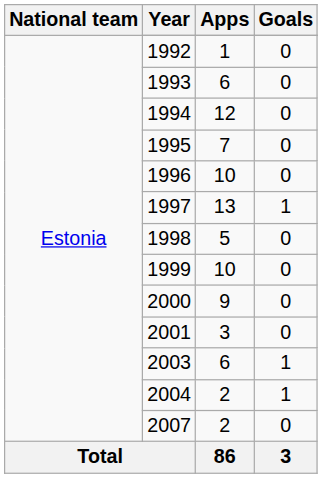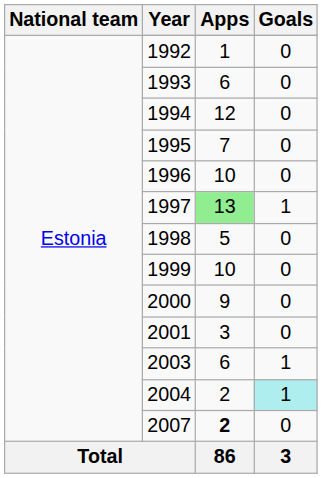 <table class="wikitable" style="text-align:center;">
 <tr>
 <th>National team</th>
 <th>Year</th>
 <th>Apps</th>
 <th>Goals</th>
 </tr>
 <tr>
 <td rowspan="14"><a href='#'>Estonia</a></td>
 </tr>
 <tr>
 <td>1992</td>
 <td>1</td>
 <td>0</td>
 </tr>
 <tr>
 <td>1993</td>
 <td>6</td>
 <td>0</td>
 </tr>
 <tr>
 <td>1994</td>
 <td>12</td>
 <td>0</td>
 </tr>
 <tr>
 <td>1995</td>
 <td>7</td>
 <td>0</td>
 </tr>
 <tr>
 <td>1996</td>
 <td>10</td>
 <td>0</td>
 </tr>
 <tr>
 <td>1997</td>
-<td>13</td>
+<td style="background: lightgreen;">13</td>
 <td>1</td>
 </tr>
 <tr>
 <td>1998</td>
 <td>5</td>
 <td>0</td>
 </tr>
 <tr>
 <td>1999</td>
 <td>10</td>
 <td>0</td>
 </tr>
 <tr>
 <td>2000</td>
 <td>9</td>
 <td>0</td>
 </tr>
 <tr>
 <td>2001</td>
 <td>3</td>
 <td>0</td>
 </tr>
 <tr>
 <td>2003</td>
 <td>6</td>
 <td>1</td>
 </tr>
 <tr>
 <td>2004</td>
 <td>2</td>
-<td>1</td>
+<td style="background: paleturquoise;">1</td>
 </tr>
 <tr>
 <td>2007</td>
-<td>2</td>
+<td><strong>2</strong></td>
 <td>0</td>
 </tr>
 <tr>
 <th colspan="2">Total</th>
 <th>86</th>
 <th>3</th>
 </tr>
 </table>
